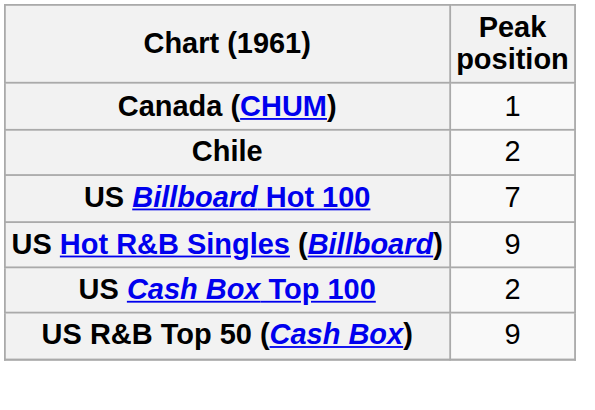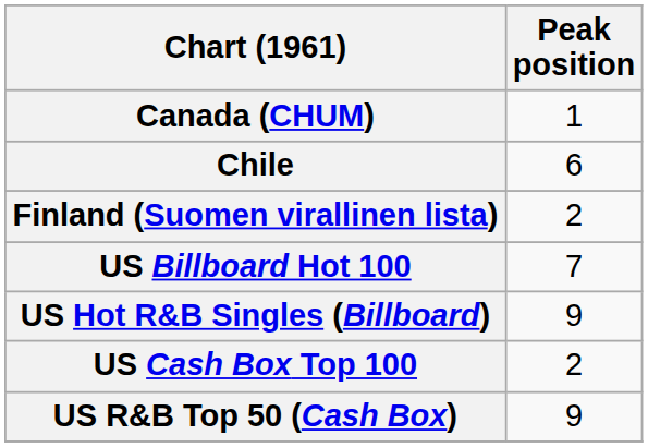 <table class="wikitable sortable plainrowheaders" style="text-align:center">
 <tr>
 <th>Chart (1961)</th>
 <th>Peak<br>position</th>
 </tr>
 <tr>
 <th scope="row">Canada (<a href='#'>CHUM</a>)</th>
 <td>1</td>
 </tr>
 <tr>
 <th scope="row">Chile</th>
+<td>6</td>
+</tr>
+<tr>
+<th scope="row">Finland (<a href='#'>Suomen virallinen lista</a>)</th>
 <td>2</td>
 </tr>
 <tr>
 <th scope="row">US <a href='#'><em>Billboard</em> Hot 100</a></th>
 <td>7</td>
 </tr>
 <tr>
 <th scope="row">US <a href='#'>Hot R&B Singles</a> (<em><a href='#'>Billboard</a></em>)</th>
 <td>9</td>
 </tr>
 <tr>
 <th scope="row">US <a href='#'><em>Cash Box</em> Top 100</a></th>
 <td>2</td>
 </tr>
 <tr>
 <th scope="row">US R&B Top 50 (<a href='#'><em>Cash Box</em></a>)</th>
 <td>9</td>
 </tr>
 <tr>
 </tr>
 </table>
